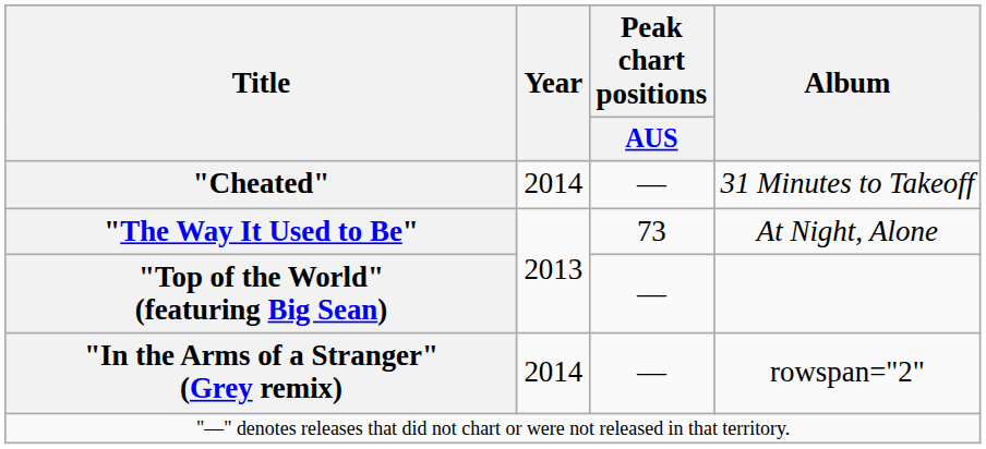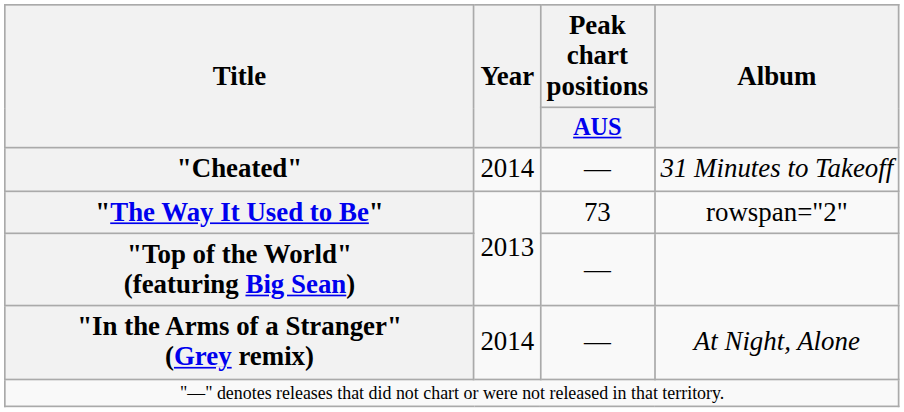 <table class="wikitable plainrowheaders" style="text-align:center;">
 <tr>
 <th scope="col" rowspan="2" style="width:17em;">Title</th>
 <th scope="col" rowspan="2">Year</th>
 <th scope="col">Peak chart positions</th>
 <th scope="col" rowspan="2">Album</th>
 </tr>
 <tr>
 <th scope="col" style="width:2.5em;font-size:90%;"><a href='#'>AUS</a><br></th>
 </tr>
 <tr>
 <th scope="row">"Cheated"</th>
 <td>2014</td>
 <td>—</td>
 <td><em>31 Minutes to Takeoff</em></td>
 </tr>
 <tr>
 <th scope="row">"<a href='#'>The Way It Used to Be</a>"</th>
 <td rowspan="2">2013</td>
 <td>73</td>
-<td><em>At Night, Alone</em></td>
+<td>rowspan="2" </td>
 </tr>
 <tr>
 <th scope="row">"Top of the World"<br><span>(featuring <a href='#'>Big Sean</a>)</span></th>
 <td>—</td>
 </tr>
 <tr>
 <th scope="row">"In the Arms of a Stranger"<br><span>(<a href='#'>Grey</a> remix)</span></th>
 <td>2014</td>
 <td>—</td>
-<td>rowspan="2" </td>
+<td><em>At Night, Alone</em></td>
 </tr>
 <tr>
 <td colspan="15" style="text-align:center; font-size:8pt;">"—" denotes releases that did not chart or were not released in that territory.</td>
 </tr>
 </table>
